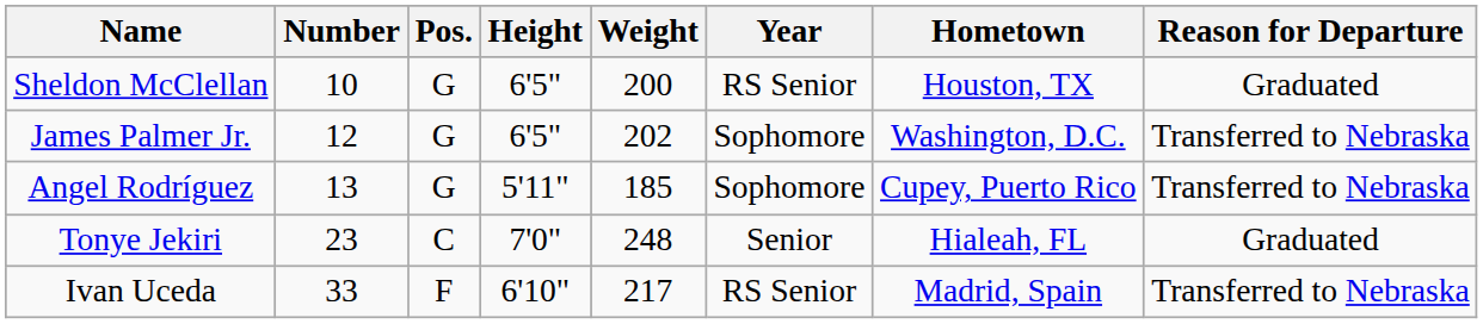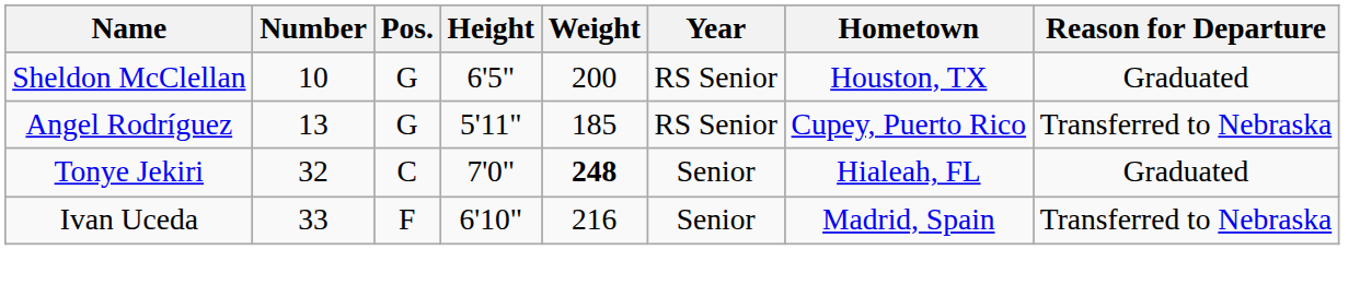 <table class="wikitable sortable" border="1" style="text-align:center;">
 <tr align=center>
 <th>Name</th>
 <th>Number</th>
 <th>Pos.</th>
 <th>Height</th>
 <th>Weight</th>
 <th>Year</th>
 <th>Hometown</th>
 <th>Reason for Departure</th>
 </tr>
 <tr>
 <td><a href='#'>Sheldon McClellan</a></td>
 <td>10</td>
 <td>G</td>
 <td>6'5"</td>
 <td>200</td>
 <td>RS Senior</td>
 <td><a href='#'>Houston, TX</a></td>
 <td>Graduated</td>
 </tr>
 <tr>
-<td><a href='#'>James Palmer Jr.</a></td>
-<td>12</td>
-<td>G</td>
-<td>6'5"</td>
-<td>202</td>
-<td>Sophomore</td>
-<td><a href='#'>Washington, D.C.</a></td>
-<td>Transferred to <a href='#'>Nebraska</a></td>
-</tr>
-<tr>
 <td><a href='#'>Angel Rodríguez</a></td>
 <td>13</td>
 <td>G</td>
 <td>5'11"</td>
 <td>185</td>
-<td>Sophomore</td>
+<td>RS Senior</td>
 <td><a href='#'>Cupey, Puerto Rico</a></td>
 <td>Transferred to <a href='#'>Nebraska</a></td>
 </tr>
 <tr>
 <td><a href='#'>Tonye Jekiri</a></td>
-<td>23</td>
+<td>32</td>
 <td>C</td>
 <td>7'0"</td>
-<td>248</td>
+<td><strong>248</strong></td>
 <td>Senior</td>
 <td><a href='#'>Hialeah, FL</a></td>
 <td>Graduated</td>
 </tr>
 <tr>
 <td>Ivan Uceda</td>
 <td>33</td>
 <td>F</td>
 <td>6'10"</td>
-<td>217</td>
-<td>RS Senior</td>
+<td>216</td>
+<td>Senior</td>
 <td><a href='#'>Madrid, Spain</a></td>
 <td>Transferred to <a href='#'>Nebraska</a></td>
 </tr>
 </table>
